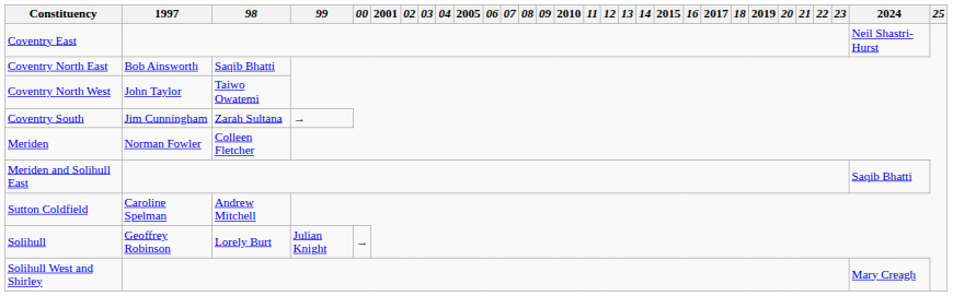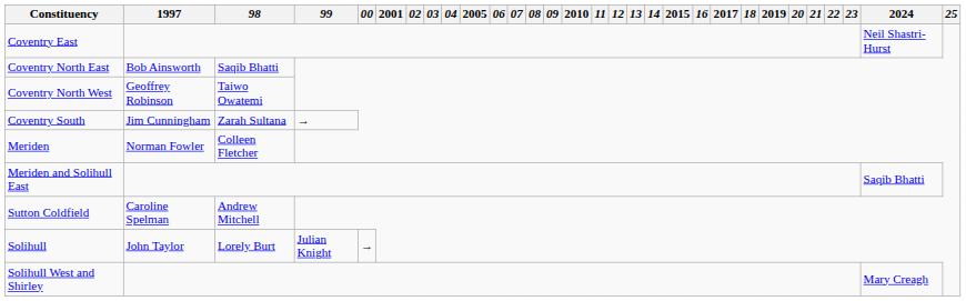 <table class="wikitable">
 <tr>
 <th>Constituency</th>
 <th>1997</th>
 <th><em>98</em></th>
 <th><em>99</em></th>
 <th><em>00</em></th>
 <th>2001</th>
 <th><em>02</em></th>
 <th><em>03</em></th>
 <th><em>04</em></th>
 <th>2005</th>
 <th><em>06</em></th>
 <th><em>07</em></th>
 <th><em>08</em></th>
 <th><em>09</em></th>
 <th>2010</th>
 <th><em>11</em></th>
 <th><em>12</em></th>
 <th><em>13</em></th>
 <th><em>14</em></th>
 <th>2015</th>
 <th><em>16</em></th>
 <th>2017</th>
 <th><em>18</em></th>
 <th>2019</th>
 <th><em>20</em></th>
 <th><em>21</em></th>
 <th><em>22</em></th>
 <th><em>23</em></th>
 <th>2024</th>
 <th><em>25</em></th>
 </tr>
 <tr>
 <td><a href='#'>Coventry East</a></td>
 <td colspan="27"></td>
 <td><a href='#'>Neil Shastri-Hurst</a></td>
 </tr>
 <tr>
 <td><a href='#'>Coventry North East</a></td>
 <td><a href='#'>Bob Ainsworth</a></td>
 <td><a href='#'>Saqib Bhatti</a></td>
 </tr>
 <tr>
 <td><a href='#'>Coventry North West</a></td>
-<td><a href='#'>John Taylor</a></td>
+<td><a href='#'>Geoffrey Robinson</a></td>
 <td><a href='#'>Taiwo Owatemi</a></td>
 </tr>
 <tr>
 <td><a href='#'>Coventry South</a></td>
 <td><a href='#'>Jim Cunningham</a></td>
 <td><a href='#'>Zarah Sultana</a></td>
 <td>→</td>
 </tr>
 <tr>
 <td><a href='#'>Meriden</a></td>
 <td><a href='#'>Norman Fowler</a></td>
 <td><a href='#'>Colleen Fletcher</a></td>
 </tr>
 <tr>
 <td><a href='#'>Meriden and Solihull East</a></td>
 <td colspan="27"></td>
 <td><a href='#'>Saqib Bhatti</a></td>
 </tr>
 <tr>
 <td><a href='#'>Sutton Coldfield</a></td>
 <td><a href='#'>Caroline Spelman</a></td>
 <td><a href='#'>Andrew Mitchell</a></td>
 </tr>
 <tr>
 <td><a href='#'>Solihull</a></td>
-<td><a href='#'>Geoffrey Robinson</a></td>
+<td><a href='#'>John Taylor</a></td>
 <td><a href='#'>Lorely Burt</a></td>
 <td><a href='#'>Julian Knight</a></td>
 <td>→</td>
 </tr>
 <tr>
 <td><a href='#'>Solihull West and Shirley</a></td>
 <td colspan="27"></td>
 <td><a href='#'>Mary Creagh</a></td>
 </tr>
 </table>
